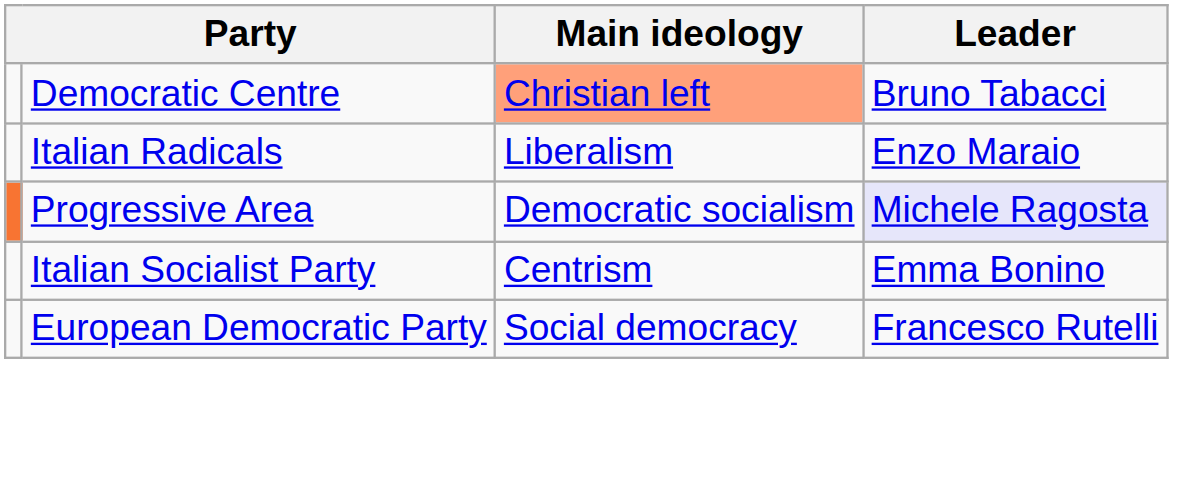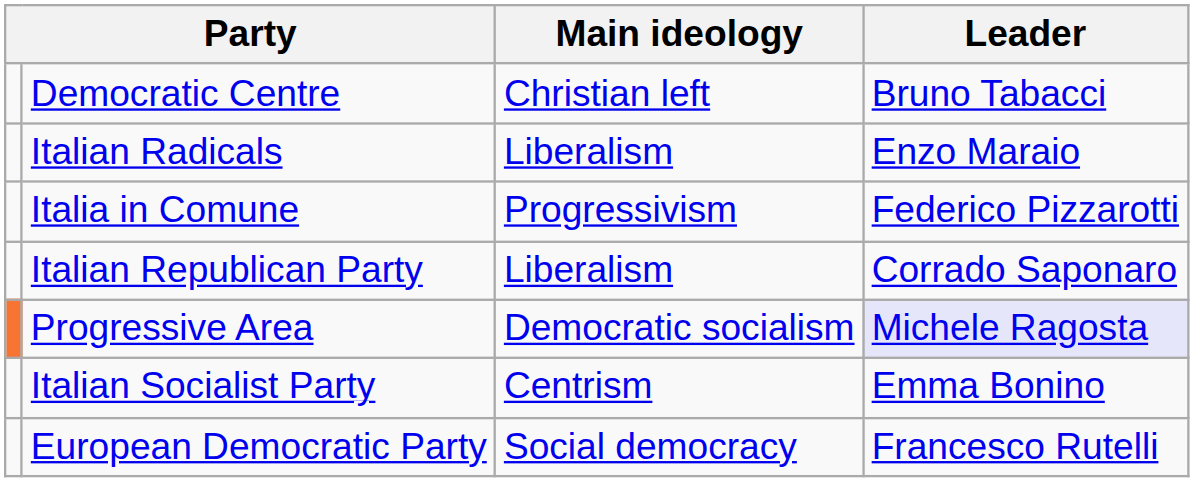 <table class="wikitable">
 <tr>
 <th colspan=2>Party</th>
 <th>Main ideology</th>
 <th>Leader</th>
 </tr>
 <tr>
 <td style="background:"></td>
 <td><a href='#'>Democratic Centre</a></td>
-<td style="background: lightsalmon;"><a href='#'>Christian left</a></td>
+<td><a href='#'>Christian left</a></td>
 <td><a href='#'>Bruno Tabacci</a></td>
 </tr>
 <tr>
 <td style="background:"></td>
 <td><a href='#'>Italian Radicals</a></td>
 <td><a href='#'>Liberalism</a></td>
 <td><a href='#'>Enzo Maraio</a></td>
+</tr>
+<tr>
+<td style="background:"></td>
+<td><a href='#'>Italia in Comune</a></td>
+<td><a href='#'>Progressivism</a></td>
+<td><a href='#'>Federico Pizzarotti</a></td>
+</tr>
+<tr>
+<td style="background:"></td>
+<td><a href='#'>Italian Republican Party</a></td>
+<td><a href='#'>Liberalism</a></td>
+<td><a href='#'>Corrado Saponaro</a></td>
 </tr>
 <tr>
 <td style="background:#F87432;"></td>
 <td><a href='#'>Progressive Area</a></td>
 <td><a href='#'>Democratic socialism</a></td>
 <td style="background: lavender;"><a href='#'>Michele Ragosta</a></td>
 </tr>
 <tr>
 <td style="background:"></td>
 <td><a href='#'>Italian Socialist Party</a></td>
 <td><a href='#'>Centrism</a></td>
 <td><a href='#'>Emma Bonino</a></td>
 </tr>
 <tr>
 <td style="background:"></td>
 <td><a href='#'>European Democratic Party</a></td>
 <td><a href='#'>Social democracy</a></td>
 <td><a href='#'>Francesco Rutelli</a></td>
 </tr>
 </table>
